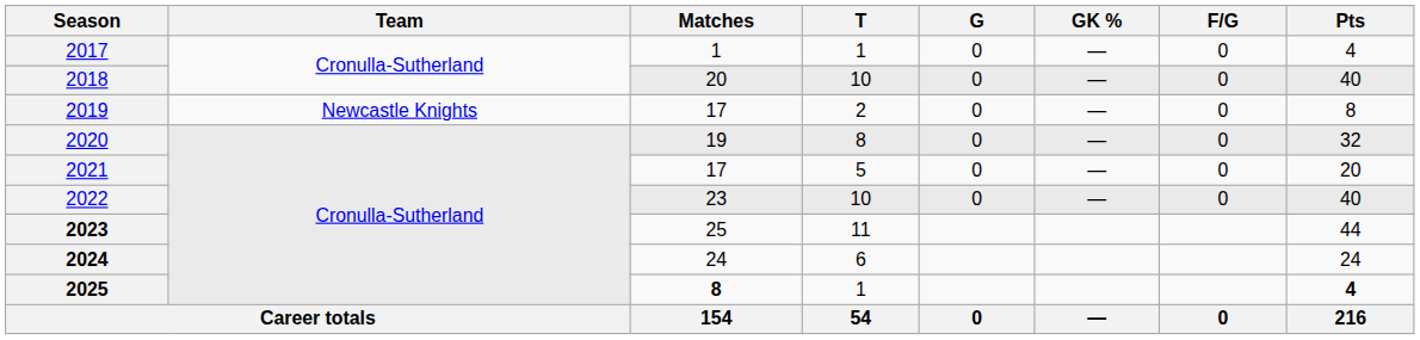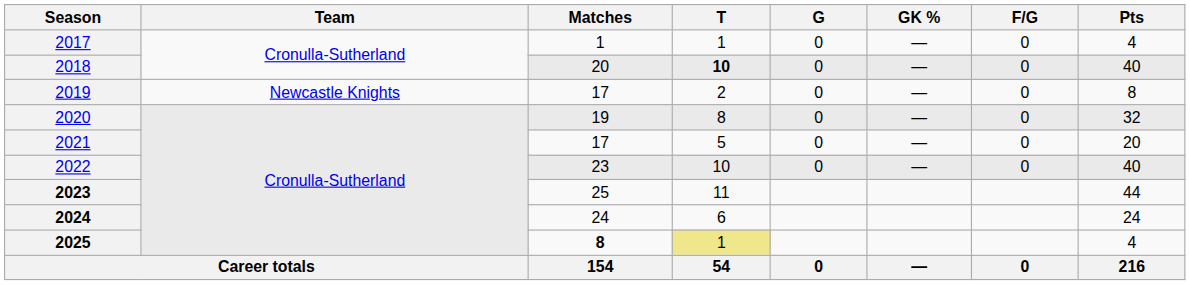 <table class="wikitable sortable"  style="font-size:90%; text-align:center; width:85%;">
 <tr>
 <th width=2%>Season</th>
 <th width=8%>Team</th>
 <th width=2%>Matches</th>
 <th width=2%>T</th>
 <th width=2%>G</th>
 <th width=2%>GK %</th>
 <th width=2%>F/G</th>
 <th width=2%>Pts</th>
 </tr>
 <tr>
 <th scope="row" style="text-align:center; font-weight:normal"><a href='#'>2017</a></th>
 <td rowspan="2" style="text-align:center;"> <a href='#'>Cronulla-Sutherland</a></td>
 <td>1</td>
 <td>1</td>
 <td>0</td>
 <td>—</td>
 <td>0</td>
 <td>4</td>
 </tr>
 <tr style="background:#eaeaea;">
 <th scope="row" style="text-align:center; font-weight:normal"><a href='#'>2018</a></th>
 <td>20</td>
-<td>10</td>
+<td><strong>10</strong></td>
 <td>0</td>
 <td>—</td>
 <td>0</td>
 <td>40</td>
 </tr>
 <tr>
 <th scope="row" style="text-align:center; font-weight:normal"><a href='#'>2019</a></th>
 <td style="text-align:center;"> <a href='#'>Newcastle Knights</a></td>
 <td>17</td>
 <td>2</td>
 <td>0</td>
 <td>—</td>
 <td>0</td>
 <td>8</td>
 </tr>
 <tr style="background:#eaeaea;">
 <th scope="row" style="text-align:center; font-weight:normal"><a href='#'>2020</a></th>
 <td rowspan="6" style="text-align:center;"> <a href='#'>Cronulla-Sutherland</a></td>
 <td>19</td>
 <td>8</td>
 <td>0</td>
 <td>—</td>
 <td>0</td>
 <td>32</td>
 </tr>
 <tr>
 <th scope="row" style="text-align:center; font-weight:normal"><a href='#'>2021</a></th>
 <td>17</td>
 <td>5</td>
 <td>0</td>
 <td>—</td>
 <td>0</td>
 <td>20</td>
 </tr>
 <tr style="background:#eaeaea;">
 <th scope="row" style="text-align:center; font-weight:normal"><a href='#'>2022</a></th>
 <td>23</td>
 <td>10</td>
 <td>0</td>
 <td>—</td>
 <td>0</td>
 <td>40</td>
 </tr>
 <tr>
 <th>2023</th>
 <td>25</td>
 <td>11</td>
 <td></td>
 <td></td>
 <td></td>
 <td>44</td>
 </tr>
 <tr>
 <th>2024</th>
 <td>24</td>
 <td>6</td>
 <td></td>
 <td></td>
 <td></td>
 <td>24</td>
 </tr>
 <tr>
 <th>2025</th>
 <td><strong>8</strong></td>
-<td>1</td>
+<td style="background: khaki;">1</td>
 <td></td>
 <td></td>
 <td></td>
-<td><strong>4</strong></td>
+<td>4</td>
 </tr>
 <tr class="sortbottom">
 <th colspan="2">Career totals</th>
 <th>154</th>
 <th>54</th>
 <th>0</th>
 <th>—</th>
 <th>0</th>
 <th>216</th>
 </tr>
 </table>
